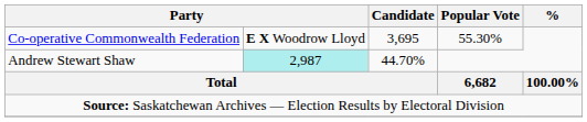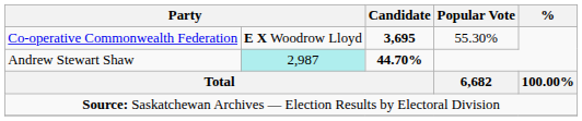 <table class="wikitable">
 <tr>
 <th colspan="2">Party</th>
 <th>Candidate</th>
 <th>Popular Vote</th>
 <th>%</th>
 </tr>
 <tr>
 <td><a href='#'>Co-operative Commonwealth Federation</a></td>
 <td><strong>E</strong> <strong>X</strong> Woodrow Lloyd</td>
-<td align=center>3,695</td>
+<td align=center><strong>3,695</strong></td>
 <td align=center>55.30%</td>
 </tr>
 <tr>
 <td>Andrew Stewart Shaw</td>
 <td align=center style="background: paleturquoise;">2,987</td>
-<td align=center>44.70%</td>
+<td align=center><strong>44.70%</strong></td>
 </tr>
 <tr>
 <th colspan=3>Total</th>
 <th>6,682</th>
 <th>100.00%</th>
 </tr>
 <tr>
 <td align="center" colspan=5><strong>Source:</strong> Saskatchewan Archives  — Election Results by Electoral Division</td>
 </tr>
 <tr>
 </tr>
 </table>
